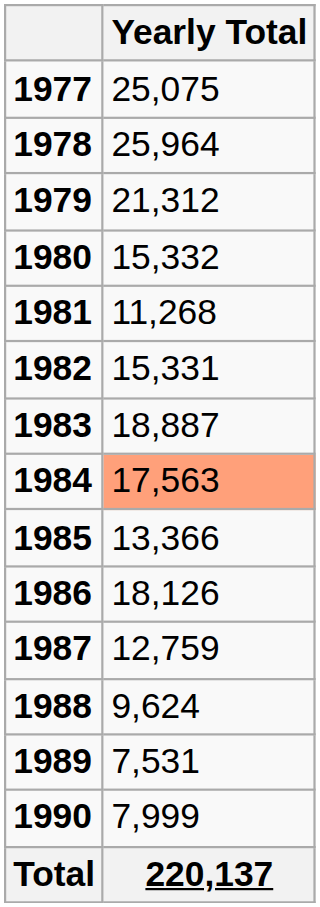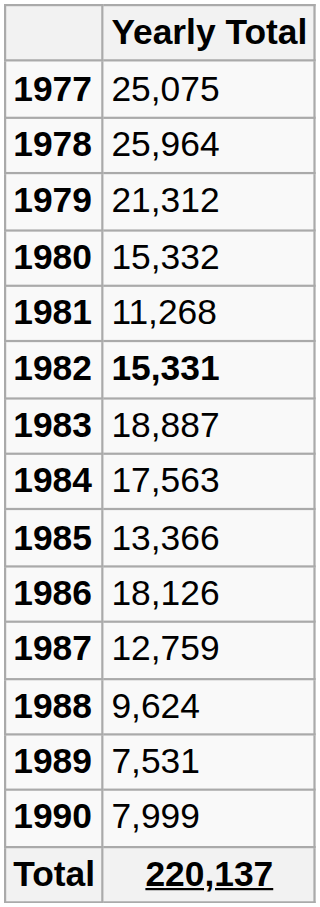 <table class="wikitable">
 <tr>
 <th></th>
 <th>Yearly Total</th>
 </tr>
 <tr>
 <td><strong>1977</strong></td>
 <td>25,075</td>
 </tr>
 <tr>
 <td><strong>1978</strong></td>
 <td>25,964</td>
 </tr>
 <tr>
 <td><strong>1979</strong></td>
 <td>21,312</td>
 </tr>
 <tr>
 <td><strong>1980</strong></td>
 <td>15,332</td>
 </tr>
 <tr>
 <td><strong>1981</strong></td>
 <td>11,268</td>
 </tr>
 <tr>
 <td><strong>1982</strong></td>
-<td>15,331</td>
+<td><strong>15,331</strong></td>
 </tr>
 <tr>
 <td><strong>1983</strong></td>
 <td>18,887</td>
 </tr>
 <tr>
 <td><strong>1984</strong></td>
-<td style="background: lightsalmon;">17,563</td>
+<td>17,563</td>
 </tr>
 <tr>
 <td><strong>1985</strong></td>
 <td>13,366</td>
 </tr>
 <tr>
 <td><strong>1986</strong></td>
 <td>18,126</td>
 </tr>
 <tr>
 <td><strong>1987</strong></td>
 <td>12,759</td>
 </tr>
 <tr>
 <td><strong>1988</strong></td>
 <td>9,624</td>
 </tr>
 <tr>
 <td><strong>1989</strong></td>
 <td>7,531</td>
 </tr>
 <tr>
 <td><strong>1990</strong></td>
 <td>7,999</td>
 </tr>
 <tr>
 <th><strong>Total</strong></th>
 <th><strong><u>220,137</u></strong></th>
 </tr>
 </table>
